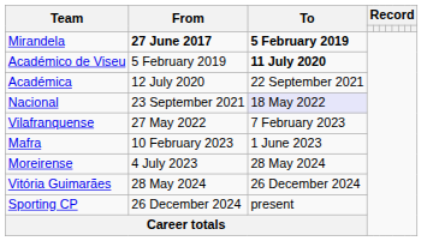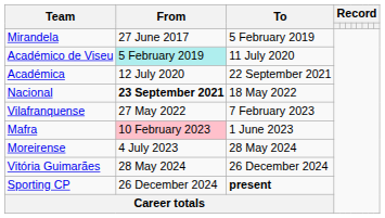 <table class="wikitable" style="text-align: center">
 <tr>
 <th rowspan="2">Team</th>
 <th rowspan="2">From</th>
 <th rowspan="2">To</th>
 <th colspan="8">Record</th>
 </tr>
 <tr>
 <th></th>
 <th></th>
 <th></th>
 <th></th>
 <th></th>
 <th></th>
 <th></th>
 <th></th>
 </tr>
 <tr>
 <td align="left"><a href='#'>Mirandela</a></td>
-<td align=left><strong>27 June 2017</strong></td>
-<td align=left><strong>5 February 2019<br></strong></td>
+<td align=left>27 June 2017</td>
+<td align=left>5 February 2019<br></td>
 </tr>
 <tr>
 <td align="left"><a href='#'>Académico de Viseu</a></td>
-<td align=left>5 February 2019</td>
-<td align=left><strong>11 July 2020<br></strong></td>
+<td align=left style="background: paleturquoise;">5 February 2019</td>
+<td align=left>11 July 2020<br></td>
 </tr>
 <tr>
 <td align="left"><a href='#'>Académica</a></td>
 <td align=left>12 July 2020</td>
 <td align=left>22 September 2021<br></td>
 </tr>
 <tr>
 <td align="left"><a href='#'>Nacional</a></td>
-<td align=left>23 September 2021</td>
-<td align=left style="background: lavender;">18 May 2022<br></td>
+<td align=left><strong>23 September 2021</strong></td>
+<td align=left>18 May 2022<br></td>
 </tr>
 <tr>
 <td align="left"><a href='#'>Vilafranquense</a></td>
 <td align=left>27 May 2022</td>
 <td align=left>7 February 2023<br></td>
 </tr>
 <tr>
 <td align="left"><a href='#'>Mafra</a></td>
-<td align=left>10 February 2023</td>
+<td align=left style="background: pink;">10 February 2023</td>
 <td align=left>1 June 2023<br></td>
 </tr>
 <tr>
 <td align="left"><a href='#'>Moreirense</a></td>
 <td align=left>4 July 2023</td>
 <td align=left>28 May 2024<br></td>
 </tr>
 <tr>
 <td align="left"><a href='#'>Vitória Guimarães</a></td>
 <td align=left>28 May 2024</td>
 <td align=left>26 December 2024<br></td>
 </tr>
 <tr>
 <td align="left"><a href='#'>Sporting CP</a></td>
 <td align=left>26 December 2024</td>
-<td align=left>present<br></td>
+<td align=left><strong>present<br></strong></td>
 </tr>
 <tr>
 <th colspan=3>Career totals<br></th>
 </tr>
 </table>
